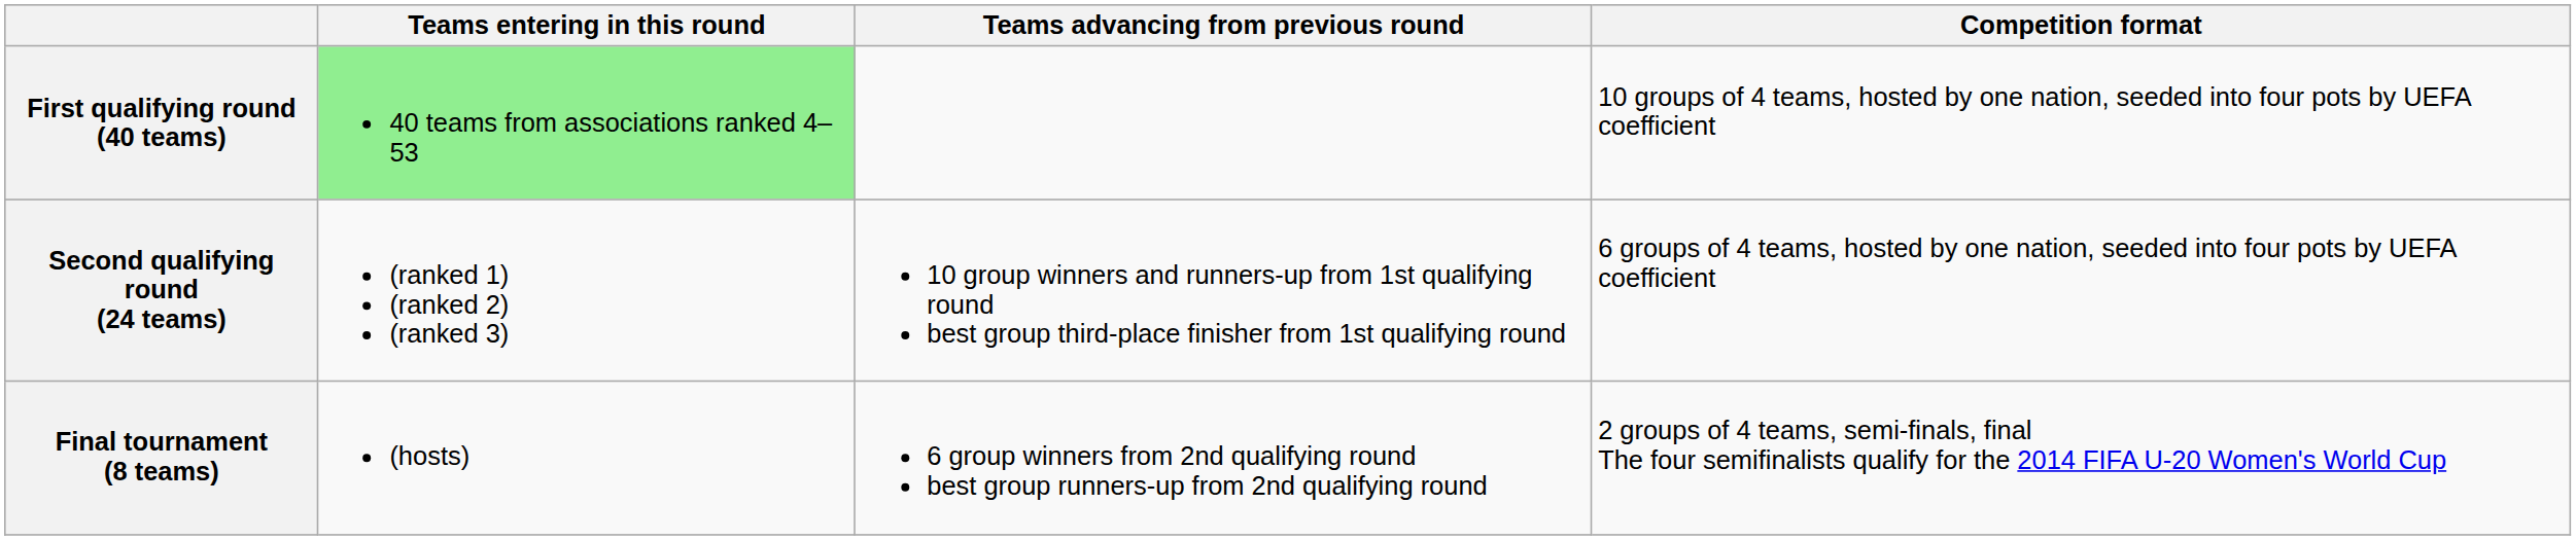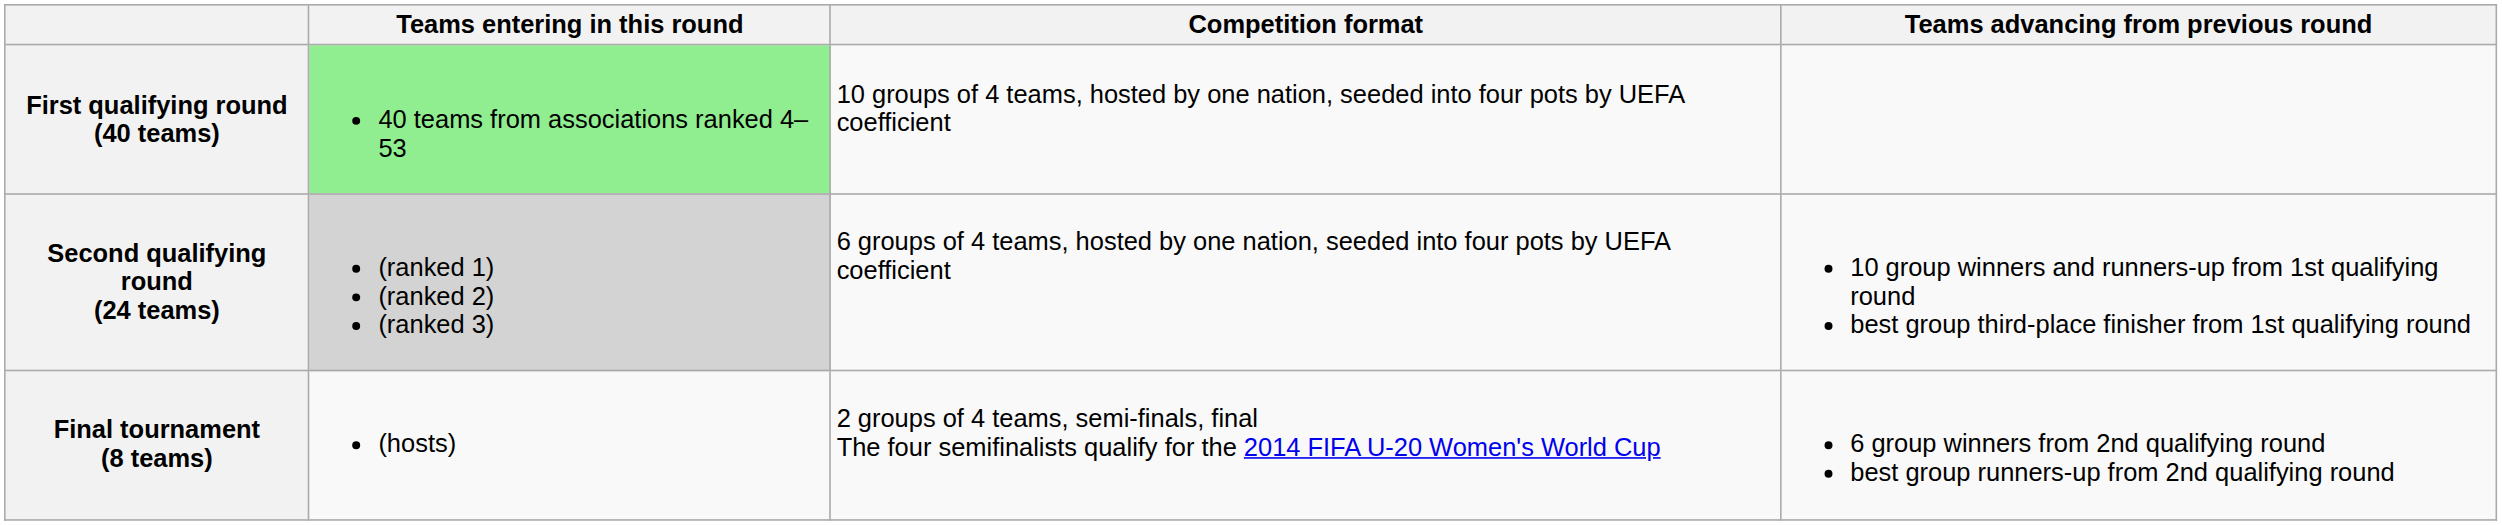 <table class="wikitable">
 <tr>
 <th></th>
 <th>Teams entering in this round</th>
+<th>Competition format</th>
 <th>Teams advancing from previous round</th>
-<th>Competition format</th>
 </tr>
 <tr valign="top">
 <th style="vertical-align:middle;">First qualifying round<br> (40 teams)</th>
 <td style="background: lightgreen;"><br><ul><li>40 teams from associations ranked 4–53</li></ul></td>
+<td><br>10 groups of 4 teams, hosted by one nation, seeded into four pots by UEFA coefficient</td>
 <td></td>
-<td><br>10 groups of 4 teams, hosted by one nation, seeded into four pots by UEFA coefficient</td>
 </tr>
 <tr valign="top">
 <th style="vertical-align:middle;">Second qualifying round<br> (24 teams)</th>
-<td><br><ul><li> (ranked 1)</li><li> (ranked 2)</li><li> (ranked 3)</li></ul></td>
+<td style="background: lightgrey;"><br><ul><li> (ranked 1)</li><li> (ranked 2)</li><li> (ranked 3)</li></ul></td>
+<td><br>6 groups of 4 teams, hosted by one nation, seeded into four pots by UEFA coefficient</td>
 <td><br><ul><li>10 group winners and runners-up from 1st qualifying round</li><li>best group third-place finisher from 1st qualifying round</li></ul></td>
-<td><br>6 groups of 4 teams, hosted by one nation, seeded into four pots by UEFA coefficient</td>
 </tr>
 <tr valign="top">
 <th style="vertical-align:middle;">Final tournament<br> (8 teams)</th>
 <td><br><ul><li> (hosts)</li></ul></td>
+<td><br>2 groups of 4 teams, semi-finals, final<br> The four semifinalists qualify for the <a href='#'>2014 FIFA U-20 Women's World Cup</a></td>
 <td><br><ul><li>6 group winners from 2nd qualifying round</li><li>best group runners-up from 2nd qualifying round</li></ul></td>
-<td><br>2 groups of 4 teams, semi-finals, final<br> The four semifinalists qualify for the <a href='#'>2014 FIFA U-20 Women's World Cup</a></td>
 </tr>
 </table>
